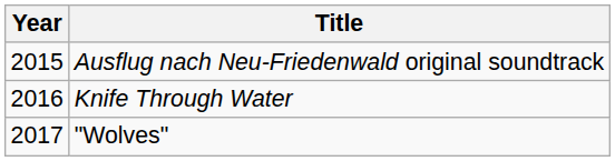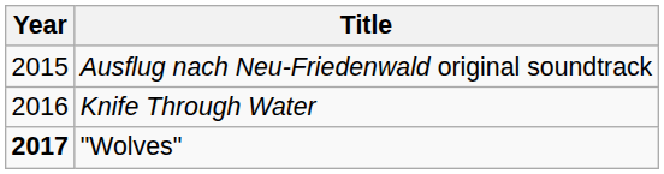 <table class="wikitable">
 <tr>
 <th>Year</th>
 <th>Title</th>
 </tr>
 <tr>
 <td>2015</td>
 <td><em>Ausflug nach Neu-Friedenwald</em> original soundtrack</td>
 </tr>
 <tr>
 <td>2016</td>
 <td><em>Knife Through Water</em></td>
 </tr>
 <tr>
-<td>2017</td>
+<td><strong>2017</strong></td>
 <td>"Wolves"</td>
 </tr>
 </table>
